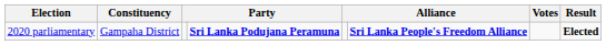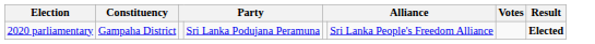 <table class="wikitable" style="text-align:left;">
 <tr>
 <th scope=col>Election</th>
 <th scope=col>Constituency</th>
 <th scope=col colspan="2">Party</th>
 <th scope=col colspan="2">Alliance</th>
 <th scope=col>Votes</th>
 <th scope=col>Result</th>
 </tr>
 <tr>
 <td><a href='#'>2020 parliamentary</a></td>
 <td><a href='#'>Gampaha District</a></td>
 <td style="background:"></td>
-<td><strong><a href='#'>Sri Lanka Podujana Peramuna</a></strong></td>
+<td><a href='#'>Sri Lanka Podujana Peramuna</a></td>
 <td style="background:"></td>
-<td><strong><a href='#'>Sri Lanka People's Freedom Alliance</a></strong></td>
+<td><a href='#'>Sri Lanka People's Freedom Alliance</a></td>
 <td align=right></td>
 <td><strong>Elected</strong></td>
 </tr>
 </table>
